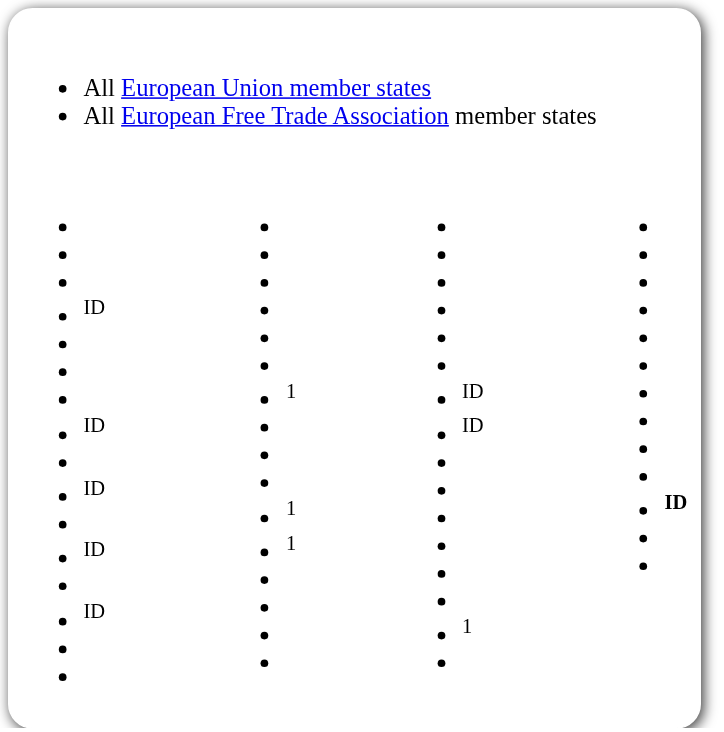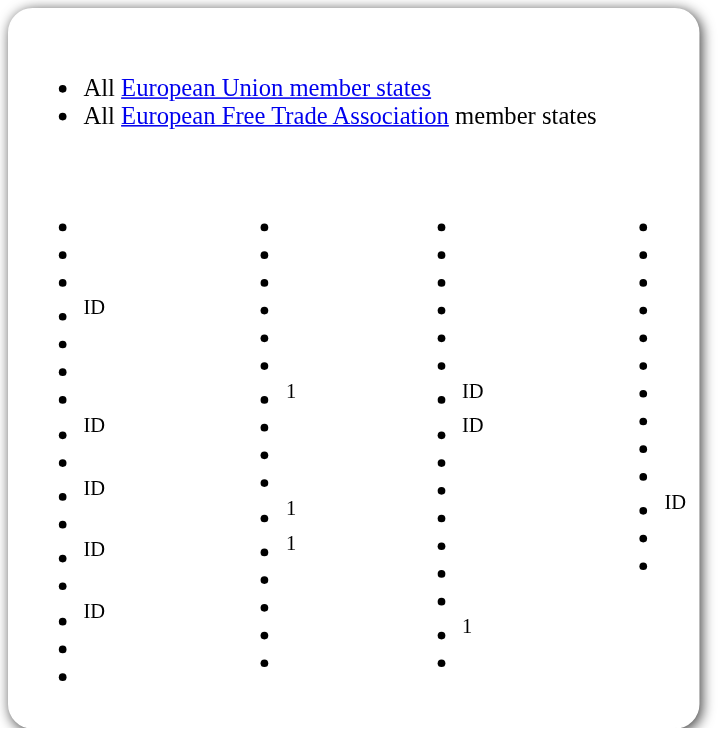 <table style="border-radius:1em; box-shadow:0.1em 0.1em 0.5em rgba(0,0,0,0.75); background:white; border:1px solid white; padding:5px;">
 <tr style="vertical-align:top;">
 <td colspan=3><br><ul><li> All <a href='#'>European Union member states</a></li><li> All <a href='#'>European Free Trade Association</a> member states</li></ul></td>
 </tr>
 <tr>
 <td><br><ul><li></li><li></li><li></li><li><sup>ID</sup></li><li></li><li></li><li></li><li><sup>ID</sup></li><li></li><li><sup>ID</sup></li><li></li><li><sup>ID</sup></li><li></li><li><sup>ID</sup></li><li></li><li></li></ul></td>
 <td valign="top"><br><ul><li></li><li></li><li></li><li></li><li></li><li></li><li><sup>1</sup></li><li></li><li></li><li></li><li><sup>1</sup></li><li><sup>1</sup></li><li></li><li></li><li></li><li></li></ul></td>
 <td valign="top"><br><ul><li></li><li></li><li></li><li></li><li></li><li></li><li><sup>ID</sup></li><li><sup>ID</sup></li><li></li><li></li><li></li><li></li><li></li><li></li><li><sup>1</sup></li><li></li></ul></td>
-<td valign="top"><strong><br><ul><li></li><li></li><li></li><li></li><li></li><li></li><li></li><li></li><li></li><li></li><li><sup>ID</sup></li><li></li><li></li></ul></strong></td>
+<td valign="top"><br><ul><li></li><li></li><li></li><li></li><li></li><li></li><li></li><li></li><li></li><li></li><li><sup>ID</sup></li><li></li><li></li></ul></td>
 </tr>
 </table>
